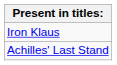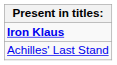 <table class="wikitable">
 <tr>
 <th>Present in titles:</th>
 </tr>
 <tr>
-<td><a href='#'>Iron Klaus</a></td>
+<td><strong><a href='#'>Iron Klaus</a></strong></td>
 </tr>
 <tr>
 <td><a href='#'>Achilles' Last Stand</a></td>
 </tr>
 </table>
